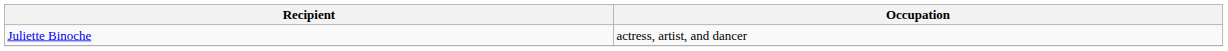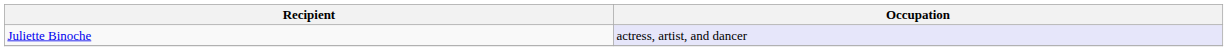 <table class="wikitable" width="95%" cellpadding="5">
 <tr>
 <th width="25%">Recipient</th>
 <th width="25%">Occupation</th>
 </tr>
 <tr>
 <td>  <a href='#'>Juliette Binoche</a></td>
-<td>actress, artist, and dancer</td>
+<td style="background: lavender;">actress, artist, and dancer</td>
 </tr>
 <tr>
 </tr>
 </table>
